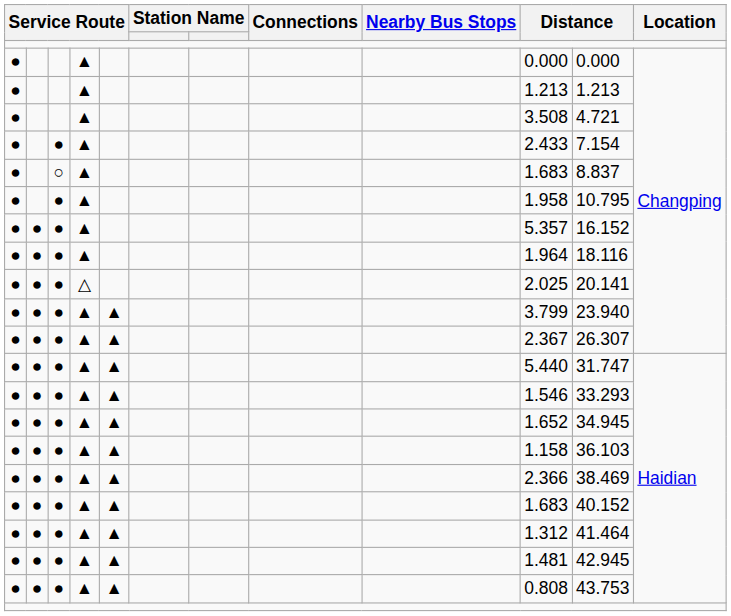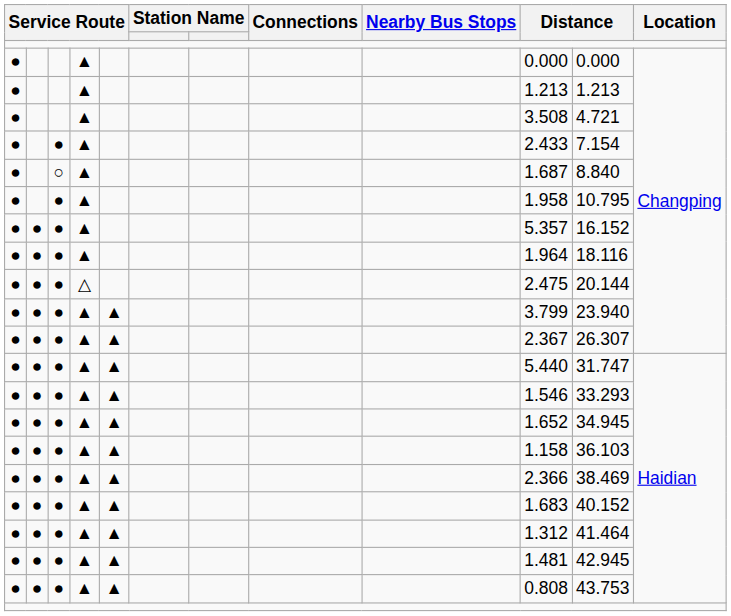 <table class="wikitable">
 <tr>
 <th colspan="5" rowspan="2">Service Route</th>
 <th colspan="2">Station Name</th>
 <th rowspan="2">Connections</th>
 <th rowspan="2"><a href='#'>Nearby Bus Stops</a></th>
 <th colspan="2" rowspan="2">Distance<br></th>
 <th rowspan="2">Location</th>
 </tr>
 <tr>
 <th></th>
 <th></th>
 </tr>
 <tr style="background:#">
 <td colspan="12"></td>
 </tr>
 <tr>
 <td style="text-align:center;">●</td>
 <td style="text-align:center;"></td>
 <td style="text-align:center;"></td>
 <td style="text-align:center;">▲</td>
 <td style="text-align:center;"></td>
 <td></td>
 <td></td>
 <td></td>
 <td></td>
 <td>0.000</td>
 <td>0.000</td>
 <td rowspan="11"><a href='#'>Changping</a></td>
 </tr>
 <tr>
 <td style="text-align:center;">●</td>
 <td style="text-align:center;"></td>
 <td style="text-align:center;"></td>
 <td style="text-align:center;">▲</td>
 <td style="text-align:center;"></td>
 <td></td>
 <td></td>
 <td></td>
 <td></td>
 <td>1.213</td>
 <td>1.213</td>
 </tr>
 <tr>
 <td style="text-align:center;">●</td>
 <td style="text-align:center;"></td>
 <td style="text-align:center;"></td>
 <td style="text-align:center;">▲</td>
 <td style="text-align:center;"></td>
 <td></td>
 <td></td>
 <td></td>
 <td></td>
 <td>3.508</td>
 <td>4.721</td>
 </tr>
 <tr>
 <td style="text-align:center;">●</td>
 <td style="text-align:center;"></td>
 <td style="text-align:center;">●</td>
 <td style="text-align:center;">▲</td>
 <td style="text-align:center;"></td>
 <td></td>
 <td></td>
 <td></td>
 <td></td>
 <td>2.433</td>
 <td>7.154</td>
 </tr>
 <tr>
 <td style="text-align:center;">●</td>
 <td style="text-align:center;"></td>
 <td style="text-align:center;">○</td>
 <td style="text-align:center;">▲</td>
 <td style="text-align:center;"></td>
 <td></td>
 <td></td>
 <td></td>
 <td></td>
-<td>1.683</td>
-<td>8.837</td>
+<td>1.687</td>
+<td>8.840</td>
 </tr>
 <tr>
 <td style="text-align:center;">●</td>
 <td style="text-align:center;"></td>
 <td style="text-align:center;">●</td>
 <td style="text-align:center;">▲</td>
 <td style="text-align:center;"></td>
 <td></td>
 <td></td>
 <td></td>
 <td></td>
 <td>1.958</td>
 <td>10.795</td>
 </tr>
 <tr>
 <td style="text-align:center;">●</td>
 <td style="text-align:center;">●</td>
 <td style="text-align:center;">●</td>
 <td style="text-align:center;">▲</td>
 <td style="text-align:center;"></td>
 <td></td>
 <td></td>
 <td></td>
 <td></td>
 <td>5.357</td>
 <td>16.152</td>
 </tr>
 <tr>
 <td style="text-align:center;">●</td>
 <td style="text-align:center;">●</td>
 <td style="text-align:center;">●</td>
 <td style="text-align:center;">▲</td>
 <td style="text-align:center;"></td>
 <td></td>
 <td></td>
 <td></td>
 <td></td>
 <td>1.964</td>
 <td>18.116</td>
 </tr>
 <tr>
 <td style="text-align:center;">●</td>
 <td style="text-align:center;">●</td>
 <td style="text-align:center;">●</td>
 <td style="text-align:center;">△</td>
 <td style="text-align:center;"></td>
 <td></td>
 <td></td>
 <td></td>
 <td></td>
-<td>2.025</td>
-<td>20.141</td>
+<td>2.475</td>
+<td>20.144</td>
 </tr>
 <tr>
 <td style="text-align:center;">●</td>
 <td style="text-align:center;">●</td>
 <td style="text-align:center;">●</td>
 <td style="text-align:center;">▲</td>
 <td style="text-align:center;">▲</td>
 <td></td>
 <td></td>
 <td></td>
 <td></td>
 <td>3.799</td>
 <td>23.940</td>
 </tr>
 <tr>
 <td style="text-align:center;">●</td>
 <td style="text-align:center;">●</td>
 <td style="text-align:center;">●</td>
 <td style="text-align:center;">▲</td>
 <td style="text-align:center;">▲</td>
 <td></td>
 <td></td>
 <td></td>
 <td></td>
 <td>2.367</td>
 <td>26.307</td>
 </tr>
 <tr>
 <td style="text-align:center;">●</td>
 <td style="text-align:center;">●</td>
 <td style="text-align:center;">●</td>
 <td style="text-align:center;">▲</td>
 <td style="text-align:center;">▲</td>
 <td></td>
 <td></td>
 <td></td>
 <td></td>
 <td>5.440</td>
 <td>31.747</td>
 <td rowspan="9"><a href='#'>Haidian</a></td>
 </tr>
 <tr>
 <td style="text-align:center;">●</td>
 <td style="text-align:center;">●</td>
 <td style="text-align:center;">●</td>
 <td style="text-align:center;">▲</td>
 <td style="text-align:center;">▲</td>
 <td></td>
 <td></td>
 <td><br></td>
 <td></td>
 <td>1.546</td>
 <td>33.293</td>
 </tr>
 <tr>
 <td style="text-align:center;">●</td>
 <td style="text-align:center;">●</td>
 <td style="text-align:center;">●</td>
 <td style="text-align:center;">▲</td>
 <td style="text-align:center;">▲</td>
 <td></td>
 <td></td>
 <td></td>
 <td></td>
 <td>1.652</td>
 <td>34.945</td>
 </tr>
 <tr>
 <td style="text-align:center;">●</td>
 <td style="text-align:center;">●</td>
 <td style="text-align:center;">●</td>
 <td style="text-align:center;">▲</td>
 <td style="text-align:center;">▲</td>
 <td></td>
 <td></td>
 <td></td>
 <td></td>
 <td>1.158</td>
 <td>36.103</td>
 </tr>
 <tr>
 <td style="text-align:center;">●</td>
 <td style="text-align:center;">●</td>
 <td style="text-align:center;">●</td>
 <td style="text-align:center;">▲</td>
 <td style="text-align:center;">▲</td>
 <td></td>
 <td></td>
 <td></td>
 <td></td>
 <td>2.366</td>
 <td>38.469</td>
 </tr>
 <tr>
 <td style="text-align:center;">●</td>
 <td style="text-align:center;">●</td>
 <td style="text-align:center;">●</td>
 <td style="text-align:center;">▲</td>
 <td style="text-align:center;">▲</td>
 <td></td>
 <td></td>
 <td></td>
 <td></td>
 <td>1.683</td>
 <td>40.152</td>
 </tr>
 <tr>
 <td style="text-align:center;">●</td>
 <td style="text-align:center;">●</td>
 <td style="text-align:center;">●</td>
 <td style="text-align:center;">▲</td>
 <td style="text-align:center;">▲</td>
 <td></td>
 <td></td>
 <td></td>
 <td></td>
 <td>1.312</td>
 <td>41.464</td>
 </tr>
 <tr>
 <td style="text-align:center;">●</td>
 <td style="text-align:center;">●</td>
 <td style="text-align:center;">●</td>
 <td style="text-align:center;">▲</td>
 <td style="text-align:center;">▲</td>
 <td></td>
 <td></td>
 <td></td>
 <td></td>
 <td>1.481</td>
 <td>42.945</td>
 </tr>
 <tr>
 <td style="text-align:center;">●</td>
 <td style="text-align:center;">●</td>
 <td style="text-align:center;">●</td>
 <td style="text-align:center;">▲</td>
 <td style="text-align:center;">▲</td>
 <td></td>
 <td></td>
 <td></td>
 <td></td>
 <td>0.808</td>
 <td>43.753</td>
 </tr>
 <tr style="background:#">
 <td colspan="12"></td>
 </tr>
 </table>
